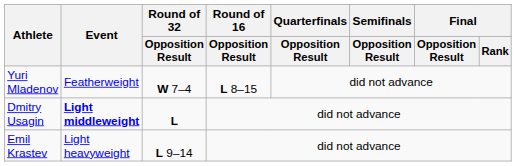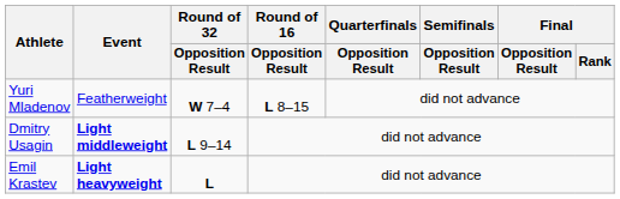 <table class="wikitable" style="font-size:90%">
 <tr>
 <th rowspan="2">Athlete</th>
 <th rowspan="2">Event</th>
 <th>Round of 32</th>
 <th>Round of 16</th>
 <th>Quarterfinals</th>
 <th>Semifinals</th>
 <th colspan=2>Final</th>
 </tr>
 <tr style="font-size:95%">
 <th>Opposition<br>Result</th>
 <th>Opposition<br>Result</th>
 <th>Opposition<br>Result</th>
 <th>Opposition<br>Result</th>
 <th>Opposition<br>Result</th>
 <th>Rank</th>
 </tr>
 <tr align="center">
 <td align=left><a href='#'>Yuri Mladenov</a></td>
 <td align=left><a href='#'>Featherweight</a></td>
 <td><br><strong>W</strong> 7–4</td>
 <td><br><strong>L</strong> 8–15</td>
 <td colspan=4>did not advance</td>
 </tr>
 <tr align="center">
 <td align=left><a href='#'>Dmitry Usagin</a></td>
 <td align=left><strong><a href='#'>Light middleweight</a></strong></td>
-<td><br><strong>L</strong> </td>
+<td><br><strong>L</strong> 9–14</td>
 <td colspan=6>did not advance</td>
 </tr>
 <tr align="center">
 <td align=left><a href='#'>Emil Krastev</a></td>
-<td align=left><a href='#'>Light heavyweight</a></td>
-<td><br><strong>L</strong> 9–14</td>
+<td align=left><strong><a href='#'>Light heavyweight</a></strong></td>
+<td><br><strong>L</strong> </td>
 <td colspan=6>did not advance</td>
 </tr>
 </table>
